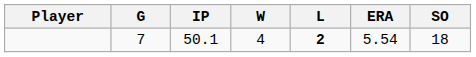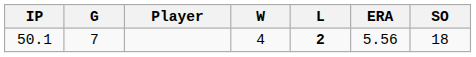 <table class="wikitable sortable">
 <tr>
+<th bgcolor="#DDDDFF" width="9%">IP</th>
+<th bgcolor="#DDDDFF" width="9%">G</th>
 <th bgcolor="#DDDDFF" width="16%">Player</th>
-<th bgcolor="#DDDDFF" width="9%">G</th>
-<th bgcolor="#DDDDFF" width="9%">IP</th>
 <th bgcolor="#DDDDFF" width="9%">W</th>
 <th bgcolor="#DDDDFF" width="9%">L</th>
 <th bgcolor="#DDDDFF" width="9%">ERA</th>
 <th bgcolor="#DDDDFF" width="9%">SO</th>
 </tr>
 <tr align="center">
+<td>50.1</td>
+<td>7</td>
 <td></td>
-<td>7</td>
-<td>50.1</td>
 <td>4</td>
 <td><strong>2</strong></td>
-<td>5.54</td>
+<td>5.56</td>
 <td>18</td>
 </tr>
 </table>
